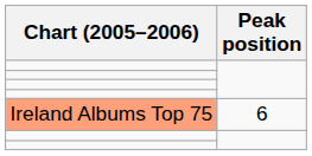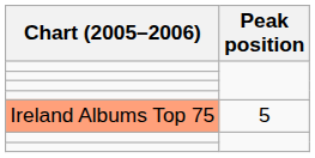 <table class="wikitable sortable">
 <tr>
 <th>Chart (2005–2006)</th>
 <th>Peak<br>position</th>
 </tr>
 <tr>
 <td></td>
 </tr>
 <tr>
 <td></td>
 </tr>
 <tr>
 <td></td>
 </tr>
 <tr>
 <td></td>
 </tr>
 <tr>
 <td align="left" style="background: lightsalmon;">Ireland Albums Top 75</td>
-<td align="center">6</td>
+<td align="center">5</td>
 </tr>
 <tr>
 <td></td>
 </tr>
 <tr>
 <td></td>
 </tr>
 </table>
